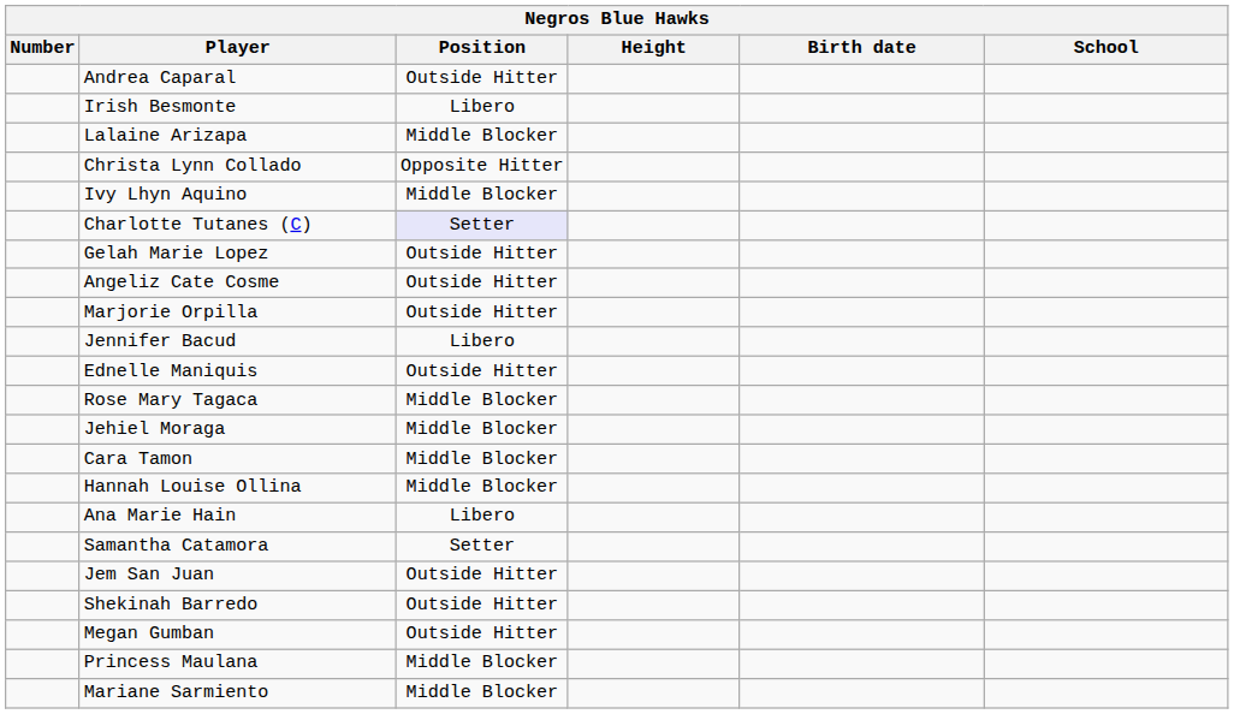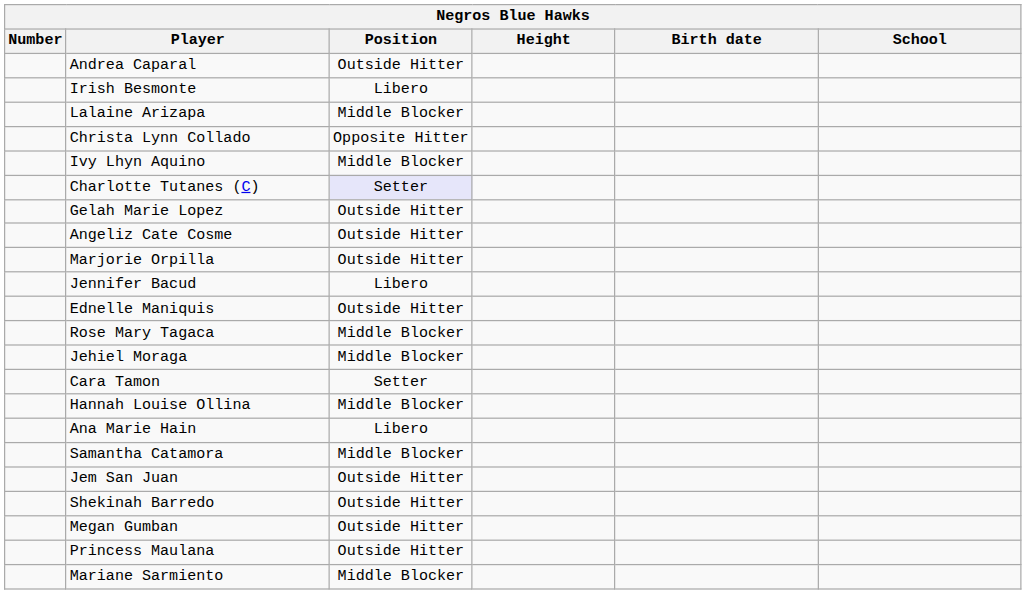 <table class="wikitable sortable" style="font-size:95%; text-align:left;">
 <tr>
 <th colspan="6"><strong>Negros Blue Hawks</strong></th>
 </tr>
 <tr style="background:#FFFFFF;">
 <th style= "align=center; width:1em;">Number</th>
 <th style= "align=center;width:17em;">Player</th>
 <th style= "align=center; width:9em;">Position</th>
 <th style= "align=center; width:9em;">Height</th>
 <th style= "align=center; width:13em;">Birth date</th>
 <th style= "align=center; width:13em;">School</th>
 </tr>
 <tr align=center>
 <td></td>
 <td align=left> Andrea Caparal</td>
 <td>Outside Hitter</td>
 <td></td>
 <td></td>
 <td></td>
 </tr>
 <tr align=center>
 <td></td>
 <td align=left> Irish Besmonte</td>
 <td>Libero</td>
 <td></td>
 <td></td>
 <td></td>
 </tr>
 <tr align=center>
 <td></td>
 <td align=left> Lalaine Arizapa</td>
 <td>Middle Blocker</td>
 <td></td>
 <td></td>
 <td></td>
 </tr>
 <tr align=center>
 <td></td>
 <td align=left> Christa Lynn Collado</td>
 <td>Opposite Hitter</td>
 <td></td>
 <td></td>
 <td></td>
 </tr>
 <tr align=center>
 <td></td>
 <td align=left> Ivy Lhyn Aquino</td>
 <td>Middle Blocker</td>
 <td></td>
 <td></td>
 <td></td>
 </tr>
 <tr align=center>
 <td></td>
 <td align=left> Charlotte Tutanes (<a href='#'>C</a>)</td>
 <td style="background: lavender;">Setter</td>
 <td></td>
 <td></td>
 <td></td>
 </tr>
 <tr align=center>
 <td></td>
 <td align=left> Gelah Marie Lopez</td>
 <td>Outside Hitter</td>
 <td></td>
 <td></td>
 <td></td>
 </tr>
 <tr align=center>
 <td></td>
 <td align=left> Angeliz Cate Cosme</td>
 <td>Outside Hitter</td>
 <td></td>
 <td></td>
 <td></td>
 </tr>
 <tr align=center>
 <td></td>
 <td align=left> Marjorie Orpilla</td>
 <td>Outside Hitter</td>
 <td></td>
 <td></td>
 <td></td>
 </tr>
 <tr align=center>
 <td></td>
 <td align=left> Jennifer Bacud</td>
 <td>Libero</td>
 <td></td>
 <td></td>
 <td></td>
 </tr>
 <tr align=center>
 <td></td>
 <td align=left> Ednelle Maniquis</td>
 <td>Outside Hitter</td>
 <td></td>
 <td></td>
 <td></td>
 </tr>
 <tr align=center>
 <td></td>
 <td align=left> Rose Mary Tagaca</td>
 <td>Middle Blocker</td>
 <td></td>
 <td></td>
 <td></td>
 </tr>
 <tr align=center>
 <td></td>
 <td align=left> Jehiel Moraga</td>
 <td>Middle Blocker</td>
 <td></td>
 <td></td>
 <td></td>
 </tr>
 <tr align=center>
 <td></td>
 <td align=left> Cara Tamon</td>
-<td>Middle Blocker</td>
+<td>Setter</td>
 <td></td>
 <td></td>
 <td></td>
 </tr>
 <tr align=center>
 <td></td>
 <td align=left> Hannah Louise Ollina</td>
 <td>Middle Blocker</td>
 <td></td>
 <td></td>
 <td></td>
 </tr>
 <tr align=center>
 <td></td>
 <td align=left> Ana Marie Hain</td>
 <td>Libero</td>
 <td></td>
 <td></td>
 <td></td>
 </tr>
 <tr align=center>
 <td></td>
 <td align=left> Samantha Catamora</td>
-<td>Setter</td>
+<td>Middle Blocker</td>
 <td></td>
 <td></td>
 <td></td>
 </tr>
 <tr align=center>
 <td></td>
 <td align=left> Jem San Juan</td>
 <td>Outside Hitter</td>
 <td></td>
 <td></td>
 <td></td>
 </tr>
 <tr align=center>
 <td></td>
 <td align=left> Shekinah Barredo</td>
 <td>Outside Hitter</td>
 <td></td>
 <td></td>
 <td></td>
 </tr>
 <tr align=center>
 <td></td>
 <td align=left> Megan Gumban</td>
 <td>Outside Hitter</td>
 <td></td>
 <td></td>
 <td></td>
 </tr>
 <tr align=center>
 <td></td>
 <td align=left> Princess Maulana</td>
-<td>Middle Blocker</td>
+<td>Outside Hitter</td>
 <td></td>
 <td></td>
 <td></td>
 </tr>
 <tr align=center>
 <td></td>
 <td align=left> Mariane Sarmiento</td>
 <td>Middle Blocker</td>
 <td></td>
 <td></td>
 <td></td>
 </tr>
 </table>
